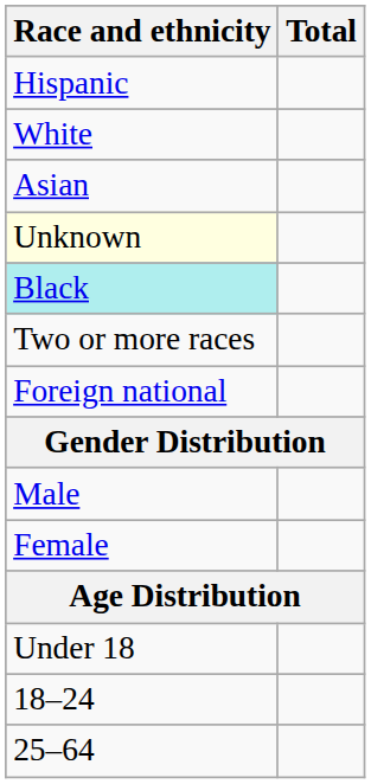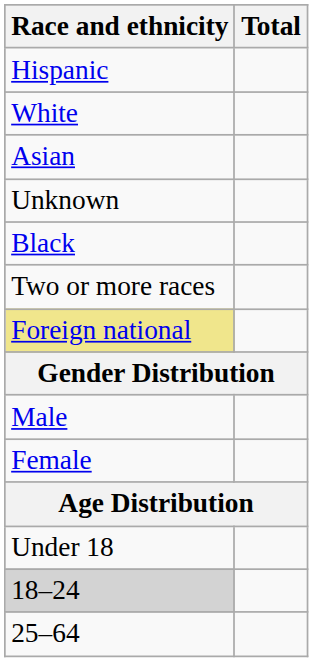 <table class="wikitable floatright sortable collapsible"; text-align:right; font-size:80%;">
 <tr>
 <th>Race and ethnicity</th>
 <th colspan="2" data-sort-type=number>Total</th>
 </tr>
 <tr>
 <td><a href='#'>Hispanic</a></td>
 <td align=right></td>
 </tr>
 <tr>
 <td><a href='#'>White</a></td>
 <td align=right></td>
 </tr>
 <tr>
 <td><a href='#'>Asian</a></td>
 <td align=right></td>
 </tr>
 <tr>
-<td style="background: lightyellow;">Unknown</td>
+<td>Unknown</td>
 <td align=right></td>
 </tr>
 <tr>
-<td style="background: paleturquoise;"><a href='#'>Black</a></td>
+<td><a href='#'>Black</a></td>
 <td align=right></td>
 </tr>
 <tr>
 <td>Two or more races</td>
 <td align=right></td>
 </tr>
 <tr>
-<td><a href='#'>Foreign national</a></td>
+<td style="background: khaki;"><a href='#'>Foreign national</a></td>
 <td align=right></td>
 </tr>
 <tr>
 <th colspan="4" data-sort-type=number>Gender Distribution</th>
 </tr>
 <tr>
 <td><a href='#'>Male</a></td>
 <td align=right></td>
 </tr>
 <tr>
 <td><a href='#'>Female</a></td>
 <td align=right></td>
 </tr>
 <tr>
 <th colspan="4" data-sort-type=number>Age Distribution</th>
 </tr>
 <tr>
 <td>Under 18</td>
 <td align=right></td>
 </tr>
 <tr>
-<td>18–24</td>
+<td style="background: lightgrey;">18–24</td>
 <td align=right></td>
 </tr>
 <tr>
 <td>25–64</td>
 <td align=right></td>
 </tr>
 </table>
